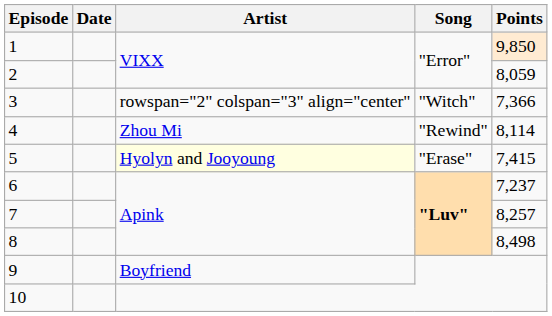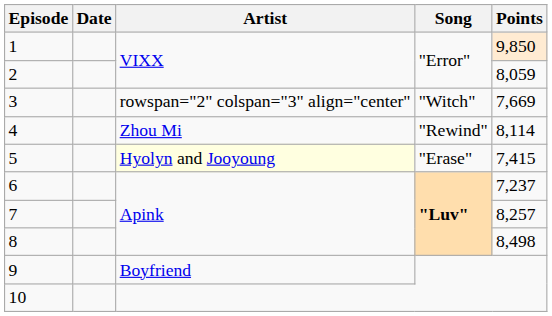 <table class="sortable wikitable">
 <tr>
 <th>Episode</th>
 <th>Date</th>
 <th>Artist</th>
 <th>Song</th>
 <th>Points</th>
 </tr>
 <tr>
 <td>1</td>
 <td></td>
 <td rowspan="2"><a href='#'>VIXX</a></td>
 <td rowspan="2">"Error"</td>
 <td style='background: #ffebd2;'>9,850</td>
 </tr>
 <tr>
 <td>2</td>
 <td></td>
 <td>8,059</td>
 </tr>
 <tr>
 <td>3</td>
 <td></td>
 <td>rowspan="2" colspan="3" align="center" </td>
 <td>"Witch"</td>
-<td>7,366</td>
+<td>7,669</td>
 </tr>
 <tr>
 <td>4</td>
 <td></td>
 <td><a href='#'>Zhou Mi</a></td>
 <td>"Rewind"</td>
 <td>8,114</td>
 </tr>
 <tr>
 <td>5</td>
 <td></td>
 <td style="background: lightyellow;"><a href='#'>Hyolyn</a> and <a href='#'>Jooyoung</a></td>
 <td>"Erase"</td>
 <td>7,415</td>
 </tr>
 <tr>
 <td>6</td>
 <td></td>
 <td rowspan="3"><a href='#'>Apink</a></td>
 <td rowspan="3" style="font-weight: bold; background: navajowhite;">"Luv"</td>
 <td>7,237</td>
 </tr>
 <tr>
 <td>7</td>
 <td></td>
 <td>8,257</td>
 </tr>
 <tr>
 <td>8</td>
 <td></td>
 <td>8,498</td>
 </tr>
 <tr>
 <td>9</td>
 <td></td>
 <td><a href='#'>Boyfriend</a></td>
 </tr>
 <tr>
 <td>10</td>
 <td></td>
 </tr>
 </table>
